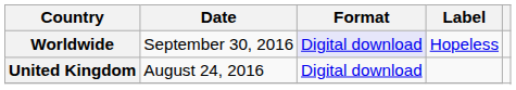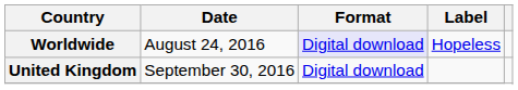 <table class="wikitable plainrowheaders">
 <tr>
 <th>Country</th>
 <th>Date</th>
 <th>Format</th>
 <th>Label</th>
 <th></th>
 </tr>
 <tr>
 <th scope="row">Worldwide</th>
-<td>September 30, 2016</td>
+<td>August 24, 2016</td>
 <td style="background: lavender;"><a href='#'>Digital download</a></td>
 <td><a href='#'>Hopeless</a></td>
 <td></td>
 </tr>
 <tr>
 <th scope="row">United Kingdom</th>
-<td>August 24, 2016</td>
+<td>September 30, 2016</td>
 <td><a href='#'>Digital download</a></td>
 <td></td>
 </tr>
 <tr>
 </tr>
 </table>
